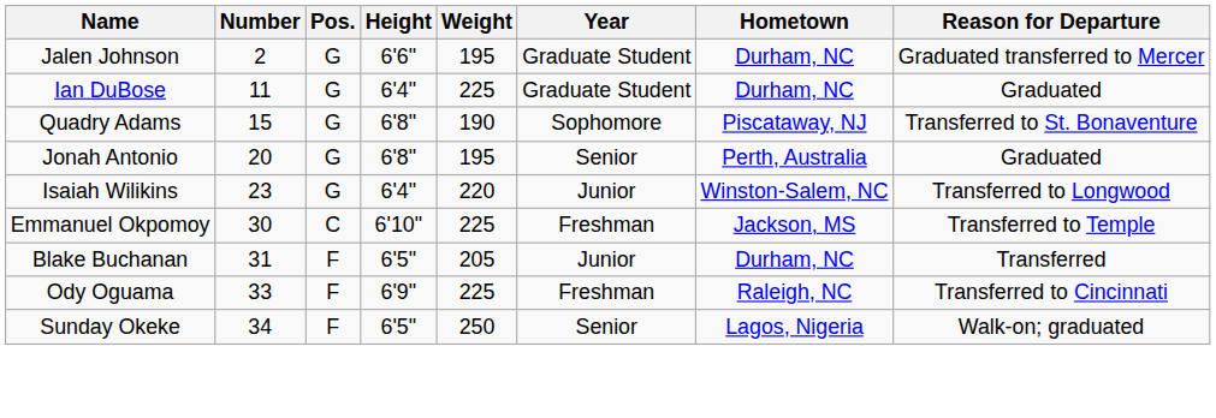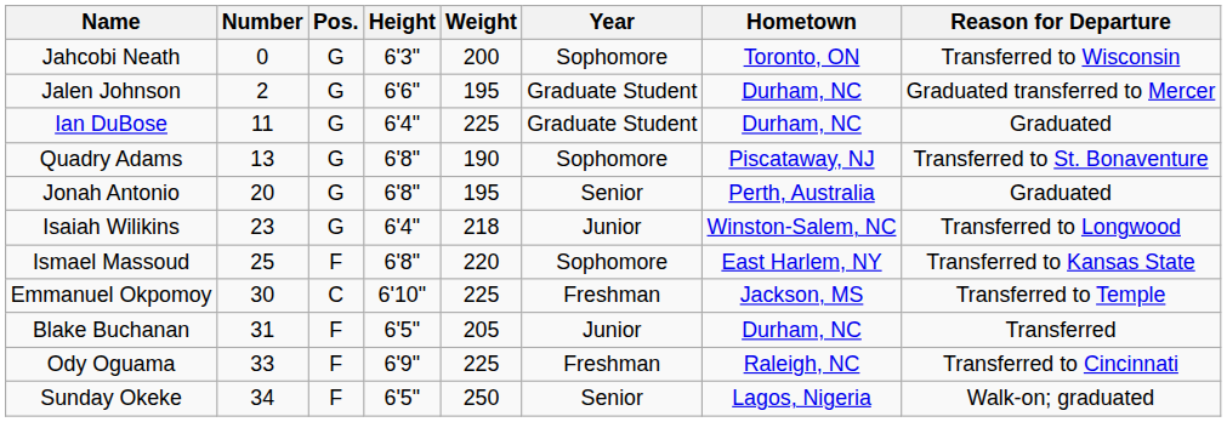 <table class="wikitable sortable" border="1" style=text-align:center;">
 <tr align=center>
 <th>Name</th>
 <th>Number</th>
 <th>Pos.</th>
 <th>Height</th>
 <th>Weight</th>
 <th>Year</th>
 <th>Hometown</th>
 <th>Reason for Departure</th>
+</tr>
+<tr>
+<td>Jahcobi Neath</td>
+<td>0</td>
+<td>G</td>
+<td>6'3"</td>
+<td>200</td>
+<td>Sophomore</td>
+<td><a href='#'>Toronto, ON</a></td>
+<td>Transferred to <a href='#'>Wisconsin</a></td>
 </tr>
 <tr>
 <td>Jalen Johnson</td>
 <td>2</td>
 <td>G</td>
 <td>6'6"</td>
 <td>195</td>
 <td>Graduate Student</td>
 <td><a href='#'>Durham, NC</a></td>
 <td>Graduated transferred to <a href='#'>Mercer</a></td>
 </tr>
 <tr>
 <td><a href='#'>Ian DuBose</a></td>
 <td>11</td>
 <td>G</td>
 <td>6'4"</td>
 <td>225</td>
 <td>Graduate Student</td>
 <td><a href='#'>Durham, NC</a></td>
 <td>Graduated</td>
 </tr>
 <tr>
 <td>Quadry Adams</td>
-<td>15</td>
+<td>13</td>
 <td>G</td>
 <td>6'8"</td>
 <td>190</td>
 <td>Sophomore</td>
 <td><a href='#'>Piscataway, NJ</a></td>
 <td>Transferred to <a href='#'>St. Bonaventure</a></td>
 </tr>
 <tr>
 <td>Jonah Antonio</td>
 <td>20</td>
 <td>G</td>
 <td>6'8"</td>
 <td>195</td>
 <td>Senior</td>
 <td><a href='#'>Perth, Australia</a></td>
 <td>Graduated</td>
 </tr>
 <tr>
 <td>Isaiah Wilikins</td>
 <td>23</td>
 <td>G</td>
 <td>6'4"</td>
-<td>220</td>
+<td>218</td>
 <td>Junior</td>
 <td><a href='#'>Winston-Salem, NC</a></td>
 <td>Transferred to <a href='#'>Longwood</a></td>
+</tr>
+<tr>
+<td>Ismael Massoud</td>
+<td>25</td>
+<td>F</td>
+<td>6'8"</td>
+<td>220</td>
+<td>Sophomore</td>
+<td><a href='#'>East Harlem, NY</a></td>
+<td>Transferred to <a href='#'>Kansas State</a></td>
 </tr>
 <tr>
 <td>Emmanuel Okpomoy</td>
 <td>30</td>
 <td>C</td>
 <td>6'10"</td>
 <td>225</td>
 <td>Freshman</td>
 <td><a href='#'>Jackson, MS</a></td>
 <td>Transferred to <a href='#'>Temple</a></td>
 </tr>
 <tr>
 <td>Blake Buchanan</td>
 <td>31</td>
 <td>F</td>
 <td>6'5"</td>
 <td>205</td>
 <td>Junior</td>
 <td><a href='#'>Durham, NC</a></td>
 <td>Transferred</td>
 </tr>
 <tr>
 <td>Ody Oguama</td>
 <td>33</td>
 <td>F</td>
 <td>6'9"</td>
 <td>225</td>
 <td>Freshman</td>
 <td><a href='#'>Raleigh, NC</a></td>
 <td>Transferred to <a href='#'>Cincinnati</a></td>
 </tr>
 <tr>
 <td>Sunday Okeke</td>
 <td>34</td>
 <td>F</td>
 <td>6'5"</td>
 <td>250</td>
 <td>Senior</td>
 <td><a href='#'>Lagos, Nigeria</a></td>
 <td>Walk-on; graduated</td>
 </tr>
 </table>
